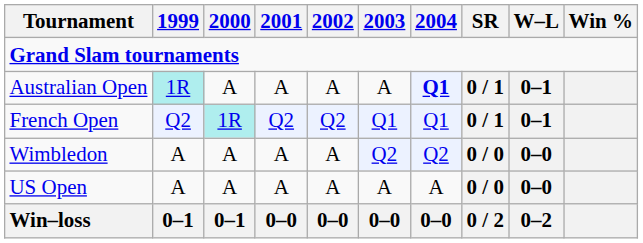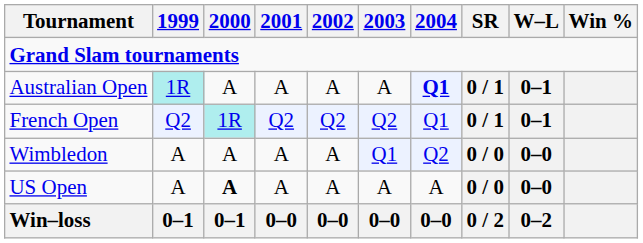 <table class=wikitable style=text-align:center>
 <tr>
 <th>Tournament</th>
 <th><a href='#'>1999</a></th>
 <th><a href='#'>2000</a></th>
 <th><a href='#'>2001</a></th>
 <th><a href='#'>2002</a></th>
 <th><a href='#'>2003</a></th>
 <th><a href='#'>2004</a></th>
 <th>SR</th>
 <th>W–L</th>
 <th>Win %</th>
 </tr>
 <tr>
 <td colspan=25 style=text-align:left><a href='#'><strong>Grand Slam tournaments</strong></a></td>
 </tr>
 <tr>
 <td align=left><a href='#'>Australian Open</a></td>
 <td bgcolor=afeeee><a href='#'>1R</a></td>
 <td>A</td>
 <td>A</td>
 <td>A</td>
 <td>A</td>
 <td bgcolor=ecf2ff><strong><a href='#'>Q1</a></strong></td>
 <th>0 / 1</th>
 <th>0–1</th>
 <th></th>
 </tr>
 <tr>
 <td align=left><a href='#'>French Open</a></td>
 <td bgcolor=ecf2ff><a href='#'>Q2</a></td>
 <td bgcolor=afeeee><a href='#'>1R</a></td>
 <td bgcolor=ecf2ff><a href='#'>Q2</a></td>
 <td bgcolor=ecf2ff><a href='#'>Q2</a></td>
-<td bgcolor=ecf2ff><a href='#'>Q1</a></td>
+<td bgcolor=ecf2ff><a href='#'>Q2</a></td>
 <td bgcolor=ecf2ff><a href='#'>Q1</a></td>
 <th>0 / 1</th>
 <th>0–1</th>
 <th></th>
 </tr>
 <tr>
 <td align=left><a href='#'>Wimbledon</a></td>
 <td>A</td>
 <td>A</td>
 <td>A</td>
 <td>A</td>
-<td bgcolor=ecf2ff><a href='#'>Q2</a></td>
+<td bgcolor=ecf2ff><a href='#'>Q1</a></td>
 <td bgcolor=ecf2ff><a href='#'>Q2</a></td>
 <th>0 / 0</th>
 <th>0–0</th>
 <th></th>
 </tr>
 <tr>
 <td align=left><a href='#'>US Open</a></td>
 <td>A</td>
-<td>A</td>
+<td><strong>A</strong></td>
 <td>A</td>
 <td>A</td>
 <td>A</td>
 <td>A</td>
 <th>0 / 0</th>
 <th>0–0</th>
 <th></th>
 </tr>
 <tr>
 <th style=text-align:left>Win–loss</th>
 <th>0–1</th>
 <th>0–1</th>
 <th>0–0</th>
 <th>0–0</th>
 <th>0–0</th>
 <th>0–0</th>
 <th>0 / 2</th>
 <th>0–2</th>
 <th></th>
 </tr>
 </table>
